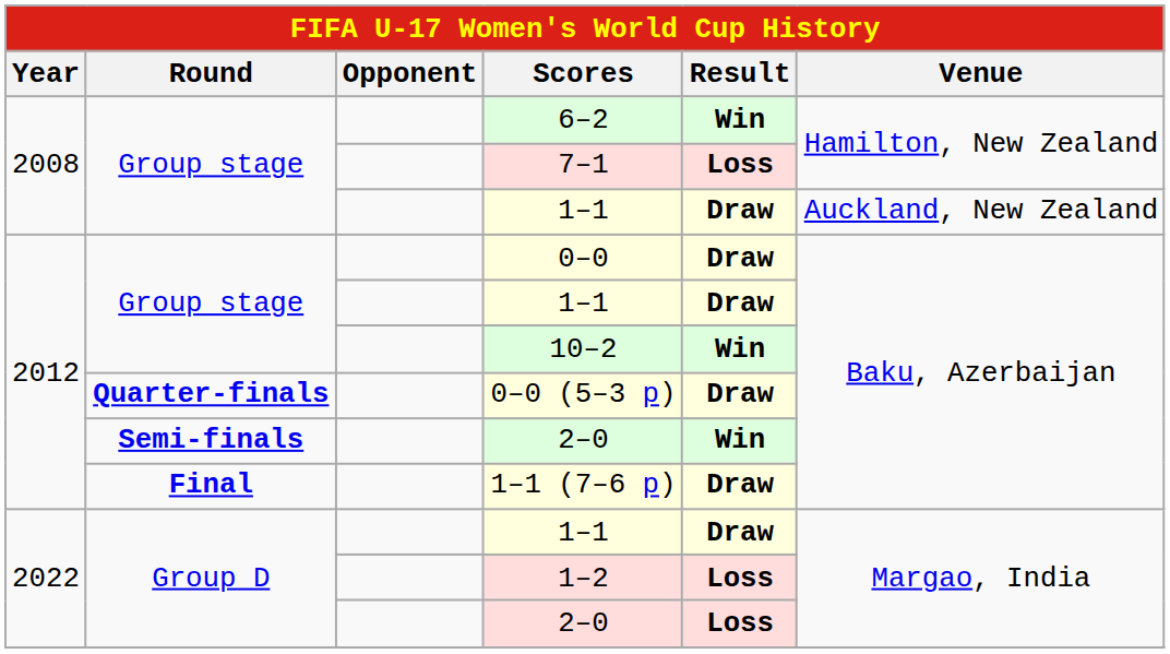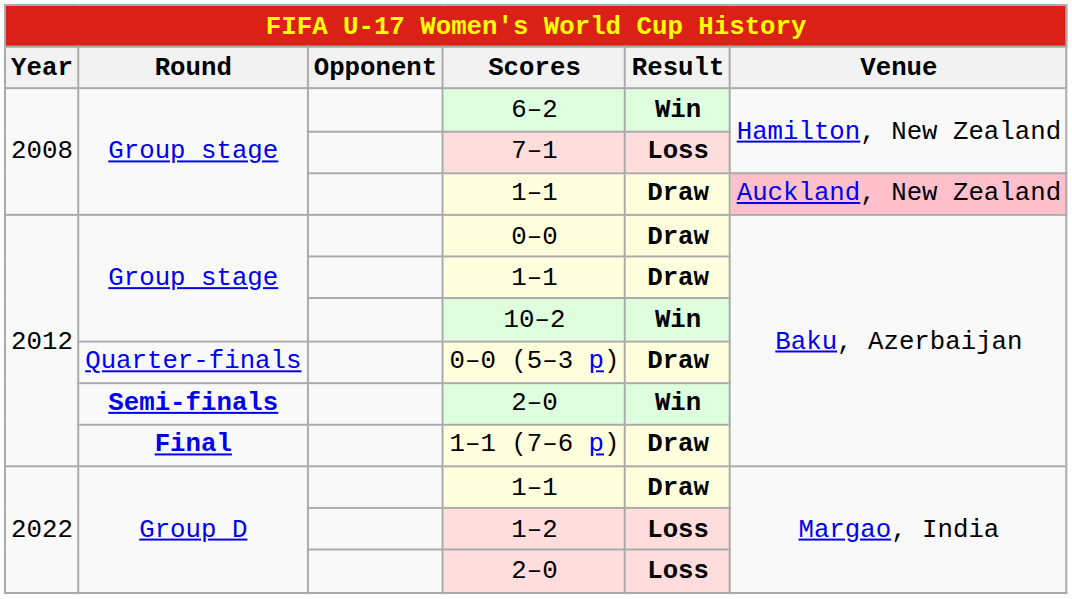 <table class="wikitable collapsible collapsed" style="text-align: center;" font-size:90%; width:70%;">
 <tr>
 <th colspan="6" style="background: #DB2017; color: #FFFF00;">FIFA U-17 Women's World Cup History</th>
 </tr>
 <tr>
 <th>Year</th>
 <th>Round</th>
 <th>Opponent</th>
 <th>Scores</th>
 <th>Result</th>
 <th>Venue</th>
 </tr>
 <tr>
 <td rowspan=3>2008</td>
 <td rowspan=3><a href='#'>Group stage</a></td>
 <td></td>
 <td style="background:#dfd;">6–2</td>
 <td style="background:#dfd;"><strong>Win</strong></td>
 <td rowspan=2> <a href='#'>Hamilton</a>, New Zealand</td>
 </tr>
 <tr>
 <td></td>
 <td style="background:#fdd;">7–1</td>
 <td style="background:#fdd;"><strong>Loss</strong></td>
 </tr>
 <tr>
 <td></td>
 <td style="background:#ffd;">1–1</td>
 <td style="background:#ffd;"><strong>Draw</strong></td>
-<td rowspan=1> <a href='#'>Auckland</a>, New Zealand</td>
+<td rowspan=1 style="background: pink;"> <a href='#'>Auckland</a>, New Zealand</td>
 </tr>
 <tr>
 <td rowspan=6>2012</td>
 <td rowspan=3><a href='#'>Group stage</a></td>
 <td></td>
 <td style="background:#ffd;">0–0</td>
 <td style="background:#ffd;"><strong>Draw</strong></td>
 <td rowspan=6> <a href='#'>Baku</a>, Azerbaijan</td>
 </tr>
 <tr>
 <td></td>
 <td style="background:#ffd;">1–1</td>
 <td style="background:#ffd;"><strong>Draw</strong></td>
 </tr>
 <tr>
 <td></td>
 <td style="background:#dfd;">10–2</td>
 <td style="background:#dfd;"><strong>Win</strong></td>
 </tr>
 <tr>
-<td rowspan=1><strong><a href='#'>Quarter-finals</a></strong></td>
+<td rowspan=1><a href='#'>Quarter-finals</a></td>
 <td></td>
 <td style="background:#ffd;">0–0  (5–3 <a href='#'>p</a>)</td>
 <td style="background:#ffd;"><strong>Draw</strong></td>
 </tr>
 <tr>
 <td rowspan=1><strong><a href='#'>Semi-finals</a></strong></td>
 <td></td>
 <td style="background:#dfd;">2–0</td>
 <td style="background:#dfd;"><strong>Win</strong></td>
 </tr>
 <tr>
 <td rowspan=1><strong><a href='#'>Final</a></strong></td>
 <td></td>
 <td style="background:#ffd;">1–1 (7–6 <a href='#'>p</a>)</td>
 <td style="background:#ffd;"><strong>Draw</strong></td>
 </tr>
 <tr>
 <td rowspan=3>2022</td>
 <td rowspan=3><a href='#'>Group D</a></td>
 <td></td>
 <td style="background:#ffd;">1–1</td>
 <td style="background:#ffd;"><strong>Draw</strong></td>
 <td rowspan=3> <a href='#'>Margao</a>, India</td>
 </tr>
 <tr>
 <td></td>
 <td style="background:#fdd;">1–2</td>
 <td style="background:#fdd;"><strong>Loss</strong></td>
 </tr>
 <tr>
 <td></td>
 <td style="background:#fdd;">2–0</td>
 <td style="background:#fdd;"><strong>Loss</strong></td>
 </tr>
 <tr>
 </tr>
 </table>
